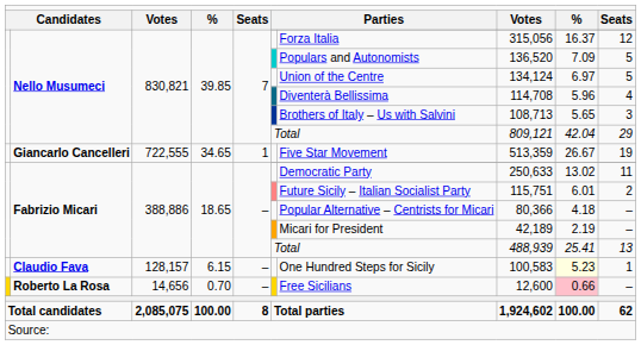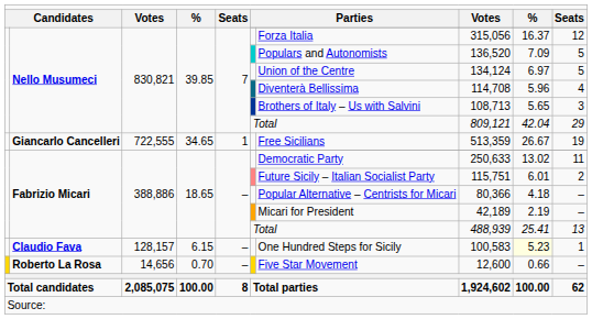 <table class="wikitable">
 <tr>
 <td colspan=10></td>
 </tr>
 <tr>
 <th colspan=2>Candidates</th>
 <th>Votes</th>
 <th>%</th>
 <th>Seats</th>
 <th colspan=2>Parties</th>
 <th>Votes</th>
 <th>%</th>
 <th>Seats</th>
 </tr>
 <tr>
 <td rowspan=7></td>
 <td rowspan=7><strong><a href='#'>Nello Musumeci</a></strong></td>
 <td rowspan=7 align=right>830,821</td>
 <td rowspan=7 align=right>39.85</td>
 <td rowspan=7 align=right>7</td>
 </tr>
 <tr>
 <td></td>
 <td><a href='#'>Forza Italia</a></td>
 <td align=right>315,056</td>
 <td align=right>16.37</td>
 <td align=right>12</td>
 </tr>
 <tr>
 <td bgcolor="#00CCCC"></td>
 <td><a href='#'>Populars</a> and <a href='#'>Autonomists</a></td>
 <td align=right>136,520</td>
 <td align=right>7.09</td>
 <td align=right>5</td>
 </tr>
 <tr>
 <td></td>
 <td><a href='#'>Union of the Centre</a></td>
 <td align=right>134,124</td>
 <td align=right>6.97</td>
 <td align=right>5</td>
 </tr>
 <tr>
 <td bgcolor="#086A87"></td>
 <td><a href='#'>Diventerà Bellissima</a></td>
 <td align=right>114,708</td>
 <td align=right>5.96</td>
 <td align=right>4</td>
 </tr>
 <tr>
 <td bgcolor="#003397"></td>
 <td><a href='#'>Brothers of Italy</a> – <a href='#'>Us with Salvini</a></td>
 <td align=right>108,713</td>
 <td align=right>5.65</td>
 <td align=right>3</td>
 </tr>
 <tr>
 <td colspan=2><em>Total</em></td>
 <td align=right><em>809,121</em></td>
 <td align=right><em>42.04 </em></td>
 <td align=right><em>29</em></td>
 </tr>
 <tr>
 <td></td>
 <td><strong>Giancarlo Cancelleri</strong></td>
 <td align=right>722,555</td>
 <td align=right>34.65</td>
 <td align=right>1</td>
 <td></td>
-<td><a href='#'>Five Star Movement</a></td>
+<td><a href='#'>Free Sicilians</a></td>
 <td align=right>513,359</td>
 <td align=right>26.67</td>
 <td align=right>19</td>
 </tr>
 <tr>
 <td rowspan=6></td>
 <td rowspan=6><strong>Fabrizio Micari</strong></td>
 <td rowspan=6 align=right>388,886</td>
 <td rowspan=6 align=right>18.65</td>
 <td rowspan=6 align=right>–</td>
 </tr>
 <tr>
 <td></td>
 <td><a href='#'>Democratic Party</a></td>
 <td align=right>250,633</td>
 <td align=right>13.02</td>
 <td align=right>11</td>
 </tr>
 <tr>
 <td bgcolor="#FF8282"></td>
 <td><a href='#'>Future Sicily</a> – <a href='#'>Italian Socialist Party</a></td>
 <td align=right>115,751</td>
 <td align=right>6.01</td>
 <td align=right>2</td>
 </tr>
 <tr>
 <td></td>
 <td><a href='#'>Popular Alternative</a> – <a href='#'>Centrists for Micari</a></td>
 <td align=right>80,366</td>
 <td align=right>4.18</td>
 <td align=right>–</td>
 </tr>
 <tr>
 <td bgcolor="orange"></td>
 <td>Micari for President</td>
 <td align=right>42,189</td>
 <td align=right>2.19</td>
 <td align=right>–</td>
 </tr>
 <tr>
 <td colspan=2><em>Total</em></td>
 <td align=right><em>488,939</em></td>
 <td align=right><em>25.41</em></td>
 <td align=right><em>13</em></td>
 </tr>
 <tr>
 <td></td>
 <td><strong><a href='#'>Claudio Fava</a></strong></td>
 <td align=right>128,157</td>
 <td align=right>6.15</td>
 <td align=right>–</td>
 <td></td>
 <td>One Hundred Steps for Sicily</td>
 <td align=right>100,583</td>
 <td align=right style="background: lightyellow;">5.23</td>
 <td align=right>1</td>
 </tr>
 <tr>
 <td bgcolor="gold"></td>
 <td><strong>Roberto La Rosa</strong></td>
 <td align=right>14,656</td>
 <td align=right>0.70</td>
 <td align=right>–</td>
 <td bgcolor="gold"></td>
-<td><a href='#'>Free Sicilians</a></td>
+<td><a href='#'>Five Star Movement</a></td>
 <td align=right>12,600</td>
-<td align=right style="background: pink;">0.66</td>
+<td align=right>0.66</td>
 <td align=right>–</td>
 </tr>
 <tr>
 <th colspan=10></th>
 </tr>
 <tr>
 <td colspan=2><strong>Total candidates</strong></td>
 <td align=right><strong>2,085,075 </strong></td>
 <td align=right><strong>100.00</strong></td>
 <td align=right><strong>8</strong></td>
 <td colspan=2><strong>Total parties</strong></td>
 <td align=right><strong>1,924,602 </strong></td>
 <td align=right><strong>100.00</strong></td>
 <td align=right><strong>62 </strong></td>
 </tr>
 <tr>
 <td colspan=10>Source: </td>
 </tr>
 </table>
